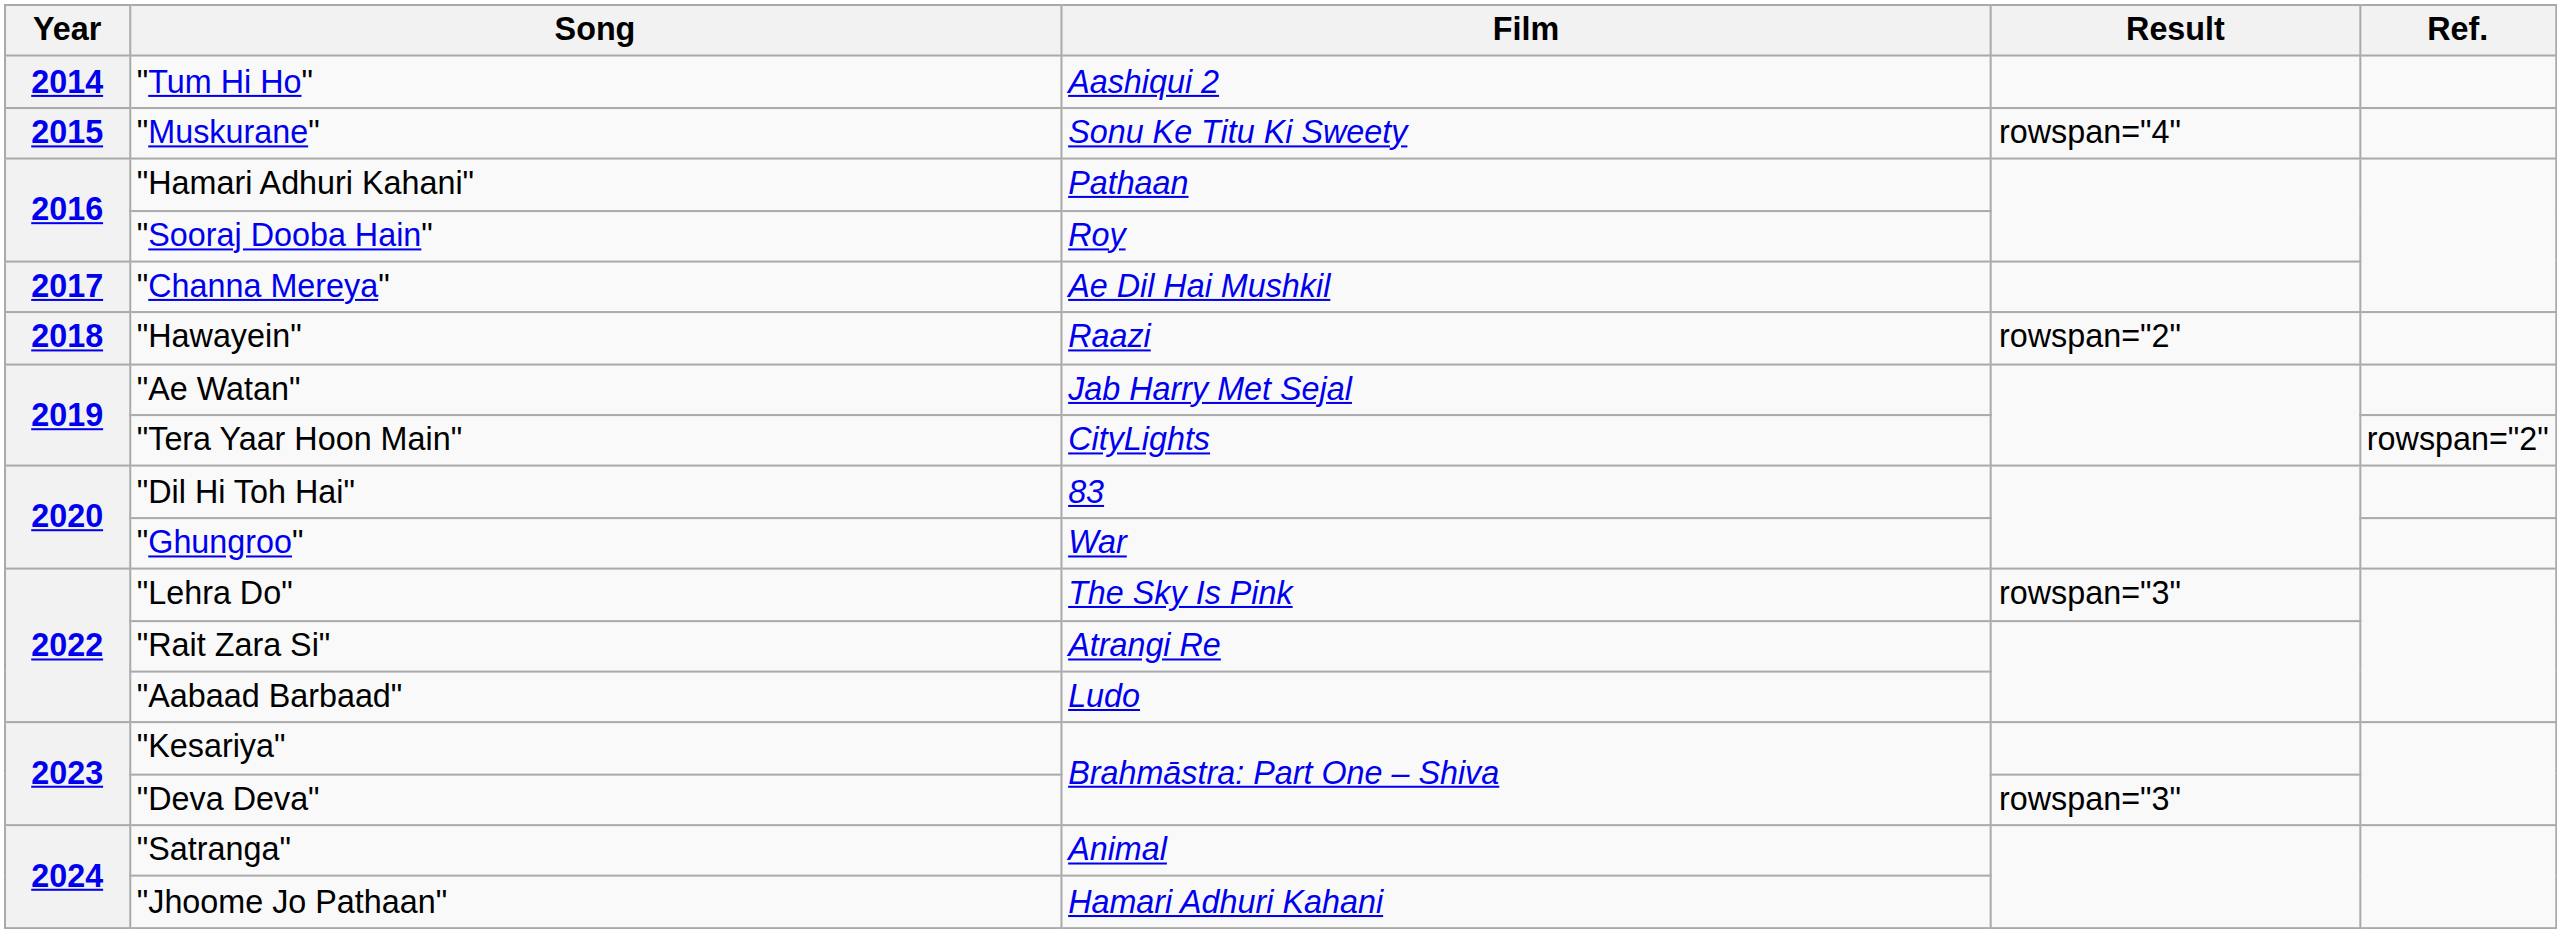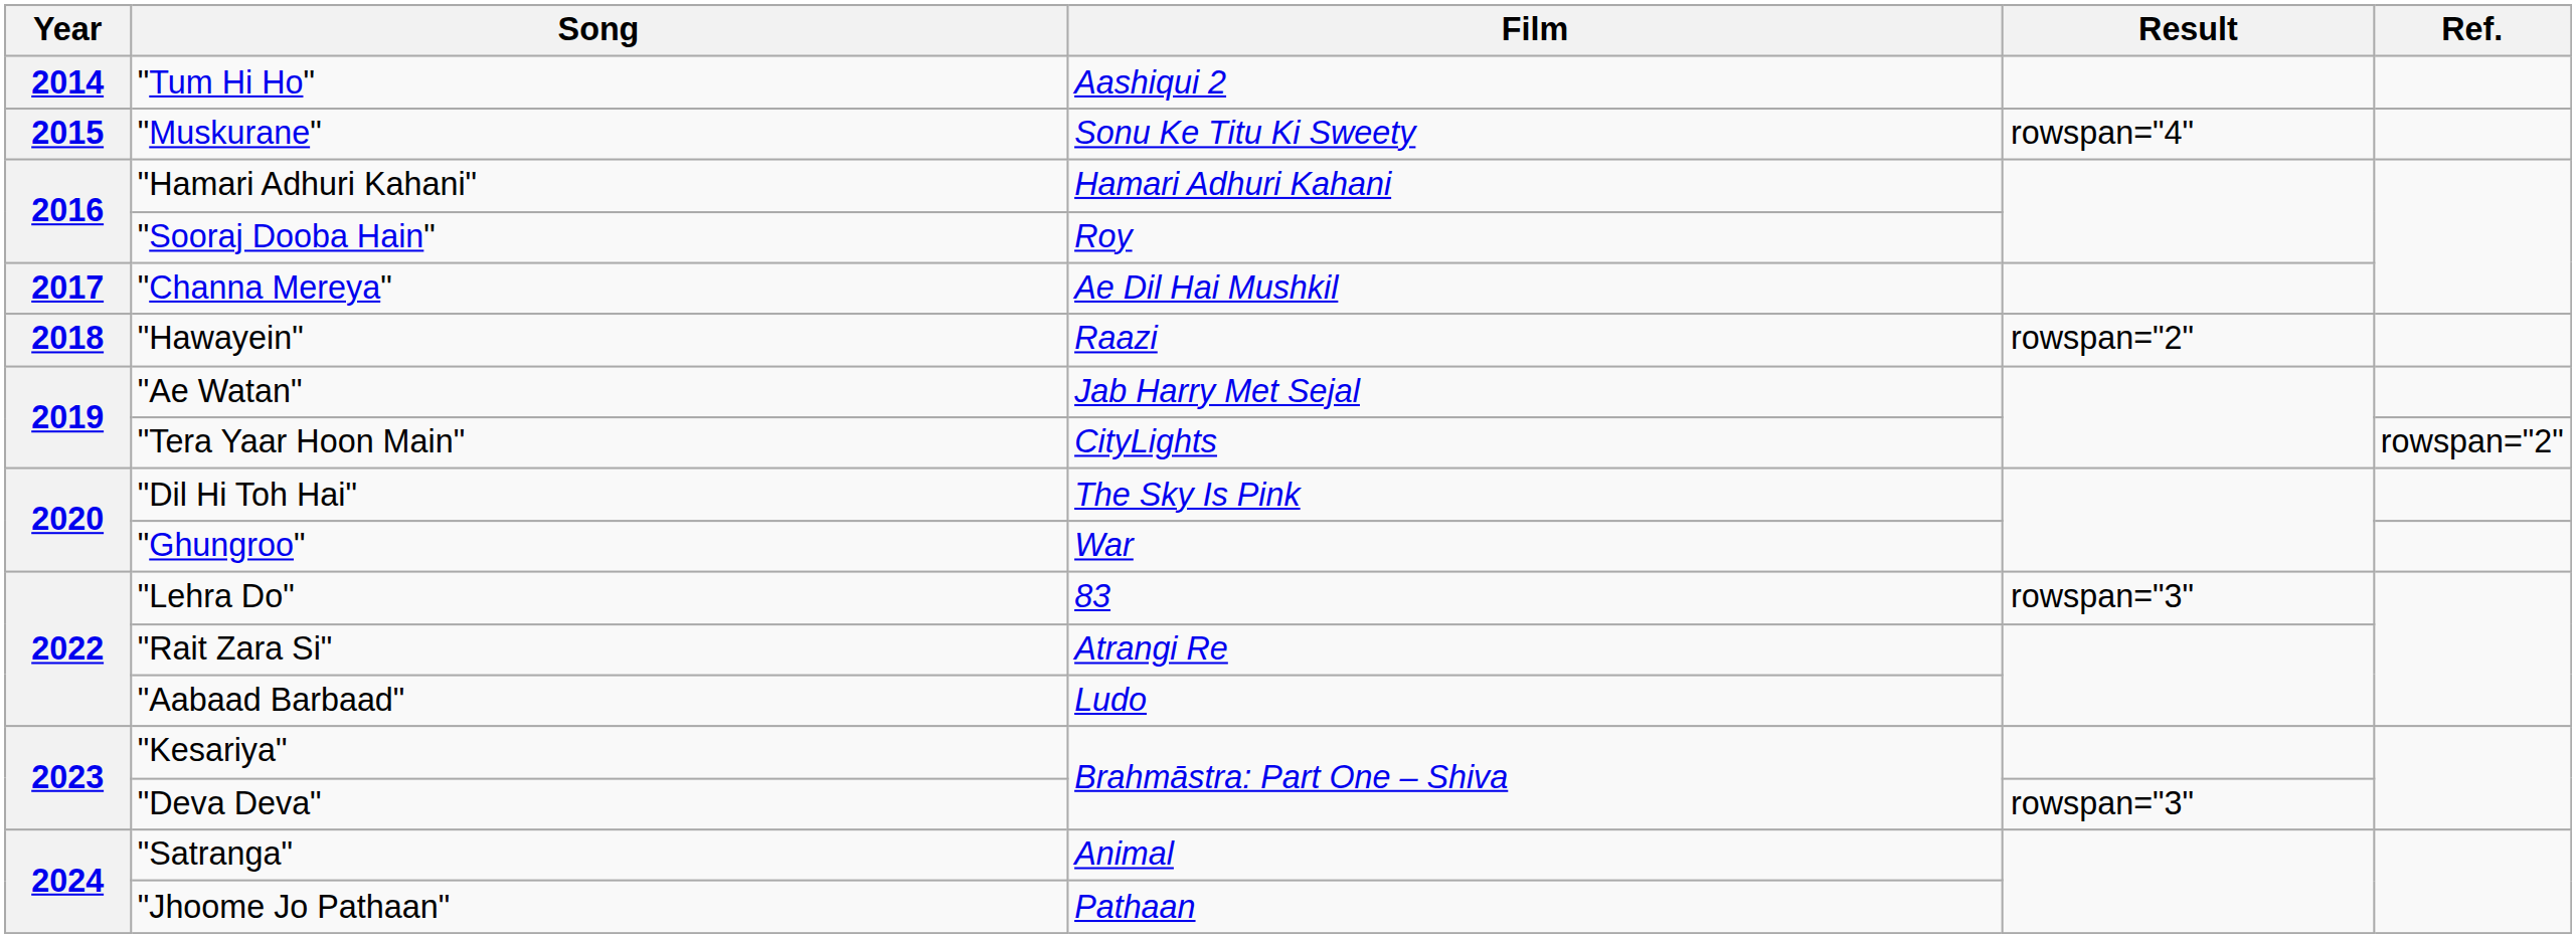 <table class="wikitable plainrowheaders" width="100%" "textcolor:#000;">
 <tr>
 <th scope="col" width=5%><strong>Year</strong></th>
 <th scope="col" width=39%><strong>Song</strong></th>
 <th scope="col" width=39%><strong>Film</strong></th>
 <th scope="col" width=15%><strong>Result</strong></th>
 <th scope="col" width=2%><strong>Ref.</strong></th>
 </tr>
 <tr>
 <th scope="row"><a href='#'>2014</a></th>
 <td>"<a href='#'>Tum Hi Ho</a>"</td>
 <td><em><a href='#'>Aashiqui 2</a></em></td>
 <td></td>
 <td></td>
 </tr>
 <tr>
 <th scope="row"><a href='#'>2015</a></th>
 <td>"<a href='#'>Muskurane</a>"</td>
 <td><em><a href='#'>Sonu Ke Titu Ki Sweety</a></em></td>
 <td>rowspan="4" </td>
 <td></td>
 </tr>
 <tr>
 <th scope="row" rowspan="2"><a href='#'>2016</a></th>
 <td>"Hamari Adhuri Kahani"</td>
-<td><em><a href='#'>Pathaan</a></em></td>
+<td><em><a href='#'>Hamari Adhuri Kahani</a></em></td>
 <td rowspan="2"></td>
 </tr>
 <tr>
 <td>"<a href='#'>Sooraj Dooba Hain</a>"</td>
 <td><em><a href='#'>Roy</a></em></td>
 </tr>
 <tr>
 <th scope="row"><a href='#'>2017</a></th>
 <td>"<a href='#'>Channa Mereya</a>"</td>
 <td><em><a href='#'>Ae Dil Hai Mushkil</a></em></td>
 <td></td>
 </tr>
 <tr>
 <th scope="row"><a href='#'>2018</a></th>
 <td>"Hawayein"</td>
 <td><em><a href='#'>Raazi</a></em></td>
 <td>rowspan="2" </td>
 <td></td>
 </tr>
 <tr>
 <th scope="row" rowspan="2"><a href='#'>2019</a></th>
 <td>"Ae Watan"</td>
 <td><em><a href='#'>Jab Harry Met Sejal</a></em></td>
 <td rowspan="2"></td>
 </tr>
 <tr>
 <td>"Tera Yaar Hoon Main"</td>
 <td><em><a href='#'>CityLights</a></em></td>
 <td>rowspan="2" </td>
 </tr>
 <tr>
 <th scope="row" rowspan="2"><a href='#'>2020</a></th>
 <td>"Dil Hi Toh Hai"</td>
-<td><em><a href='#'>83</a></em></td>
+<td><em><a href='#'>The Sky Is Pink</a></em></td>
 <td rowspan="2"></td>
 </tr>
 <tr>
 <td>"<a href='#'>Ghungroo</a>"</td>
 <td><em><a href='#'>War</a></em></td>
 <td></td>
 </tr>
 <tr>
 <th scope="row" rowspan="3"><a href='#'>2022</a></th>
 <td>"Lehra Do"</td>
-<td><em><a href='#'>The Sky Is Pink</a></em></td>
+<td><em><a href='#'>83</a></em></td>
 <td>rowspan="3" </td>
 <td rowspan="3"></td>
 </tr>
 <tr>
 <td>"Rait Zara Si"</td>
 <td><em><a href='#'>Atrangi Re</a></em></td>
 </tr>
 <tr>
 <td>"Aabaad Barbaad"</td>
 <td><em><a href='#'>Ludo</a></em></td>
 </tr>
 <tr>
 <th scope="row" rowspan="2"><a href='#'>2023</a></th>
 <td>"Kesariya"</td>
 <td rowspan="2"><em><a href='#'>Brahmāstra: Part One – Shiva</a></em></td>
 <td></td>
 <td rowspan="2"></td>
 </tr>
 <tr>
 <td>"Deva Deva"</td>
 <td>rowspan="3" </td>
 </tr>
 <tr>
 <th scope="row" rowspan="2"><a href='#'>2024</a></th>
 <td>"Satranga"</td>
 <td><em><a href='#'>Animal</a></em></td>
 <td rowspan="2"></td>
 </tr>
 <tr>
 <td>"Jhoome Jo Pathaan"</td>
-<td><em><a href='#'>Hamari Adhuri Kahani</a></em></td>
+<td><em><a href='#'>Pathaan</a></em></td>
 </tr>
 </table>
